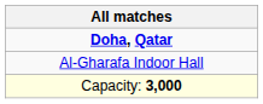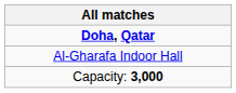 <table class="wikitable" style="text-align:center" width=280>
 <tr>
 <th>All matches</th>
 </tr>
 <tr>
 <td> <strong><a href='#'>Doha</a>, <a href='#'>Qatar</a></strong></td>
 </tr>
 <tr>
 <td><a href='#'>Al-Gharafa Indoor Hall</a></td>
 </tr>
 <tr>
-<td style="background: lightyellow;">Capacity: <strong>3,000</strong></td>
+<td>Capacity: <strong>3,000</strong></td>
 </tr>
 </table>
